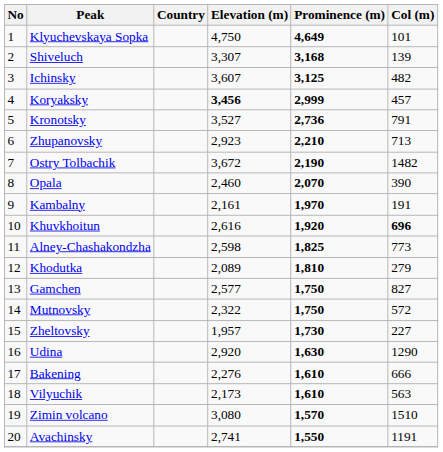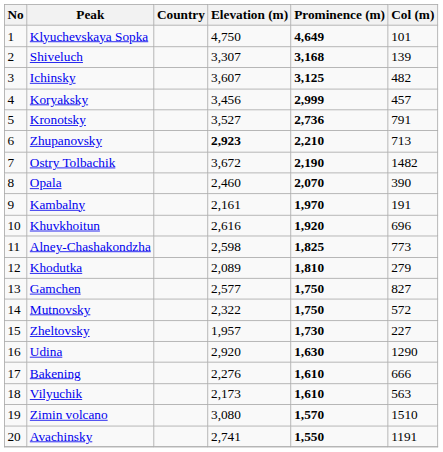 <table class="wikitable sortable">
 <tr>
 <th>No</th>
 <th>Peak</th>
 <th>Country</th>
 <th>Elevation (m)</th>
 <th>Prominence (m)</th>
 <th>Col (m)</th>
 </tr>
 <tr>
 <td>1</td>
 <td><a href='#'>Klyuchevskaya Sopka</a></td>
 <td></td>
 <td>4,750</td>
 <td><strong>4,649</strong></td>
 <td>101</td>
 </tr>
 <tr>
 <td>2</td>
 <td><a href='#'>Shiveluch</a></td>
 <td></td>
 <td>3,307</td>
 <td><strong>3,168</strong></td>
 <td>139</td>
 </tr>
 <tr>
 <td>3</td>
 <td><a href='#'>Ichinsky</a></td>
 <td></td>
 <td>3,607</td>
 <td><strong>3,125</strong></td>
 <td>482</td>
 </tr>
 <tr>
 <td>4</td>
 <td><a href='#'>Koryaksky</a></td>
 <td></td>
-<td><strong>3,456</strong></td>
+<td>3,456</td>
 <td><strong>2,999</strong></td>
 <td>457</td>
 </tr>
 <tr>
 <td>5</td>
 <td><a href='#'>Kronotsky</a></td>
 <td></td>
 <td>3,527</td>
 <td><strong>2,736</strong></td>
 <td>791</td>
 </tr>
 <tr>
 <td>6</td>
 <td><a href='#'>Zhupanovsky</a></td>
 <td></td>
-<td>2,923</td>
+<td><strong>2,923</strong></td>
 <td><strong>2,210</strong></td>
 <td>713</td>
 </tr>
 <tr>
 <td>7</td>
 <td><a href='#'>Ostry Tolbachik</a></td>
 <td></td>
 <td>3,672</td>
 <td><strong>2,190</strong></td>
 <td>1482</td>
 </tr>
 <tr>
 <td>8</td>
 <td><a href='#'>Opala</a></td>
 <td></td>
 <td>2,460</td>
 <td><strong>2,070</strong></td>
 <td>390</td>
 </tr>
 <tr>
 <td>9</td>
 <td><a href='#'>Kambalny</a></td>
 <td></td>
 <td>2,161</td>
 <td><strong>1,970</strong></td>
 <td>191</td>
 </tr>
 <tr>
 <td>10</td>
 <td><a href='#'>Khuvkhoitun</a></td>
 <td></td>
 <td>2,616</td>
 <td><strong>1,920</strong></td>
-<td><strong>696</strong></td>
+<td>696</td>
 </tr>
 <tr>
 <td>11</td>
 <td><a href='#'>Alney-Chashakondzha</a></td>
 <td></td>
 <td>2,598</td>
 <td><strong>1,825</strong></td>
 <td>773</td>
 </tr>
 <tr>
 <td>12</td>
 <td><a href='#'>Khodutka</a></td>
 <td></td>
 <td>2,089</td>
 <td><strong>1,810</strong></td>
 <td>279</td>
 </tr>
 <tr>
 <td>13</td>
 <td><a href='#'>Gamchen</a></td>
 <td></td>
 <td>2,577</td>
 <td><strong>1,750</strong></td>
 <td>827</td>
 </tr>
 <tr>
 <td>14</td>
 <td><a href='#'>Mutnovsky</a></td>
 <td></td>
 <td>2,322</td>
 <td><strong>1,750</strong></td>
 <td>572</td>
 </tr>
 <tr>
 <td>15</td>
 <td><a href='#'>Zheltovsky</a></td>
 <td></td>
 <td>1,957</td>
 <td><strong>1,730</strong></td>
 <td>227</td>
 </tr>
 <tr>
 <td>16</td>
 <td><a href='#'>Udina</a></td>
 <td></td>
 <td>2,920</td>
 <td><strong>1,630</strong></td>
 <td>1290</td>
 </tr>
 <tr>
 <td>17</td>
 <td><a href='#'>Bakening</a></td>
 <td></td>
 <td>2,276</td>
 <td><strong>1,610</strong></td>
 <td>666</td>
 </tr>
 <tr>
 <td>18</td>
 <td><a href='#'>Vilyuchik</a></td>
 <td></td>
 <td>2,173</td>
 <td><strong>1,610</strong></td>
 <td>563</td>
 </tr>
 <tr>
 <td>19</td>
 <td><a href='#'>Zimin volcano</a></td>
 <td></td>
 <td>3,080</td>
 <td><strong>1,570</strong></td>
 <td>1510</td>
 </tr>
 <tr>
 <td>20</td>
 <td><a href='#'>Avachinsky</a></td>
 <td></td>
 <td>2,741</td>
 <td><strong>1,550</strong></td>
 <td>1191</td>
 </tr>
 <tr>
 </tr>
 </table>
